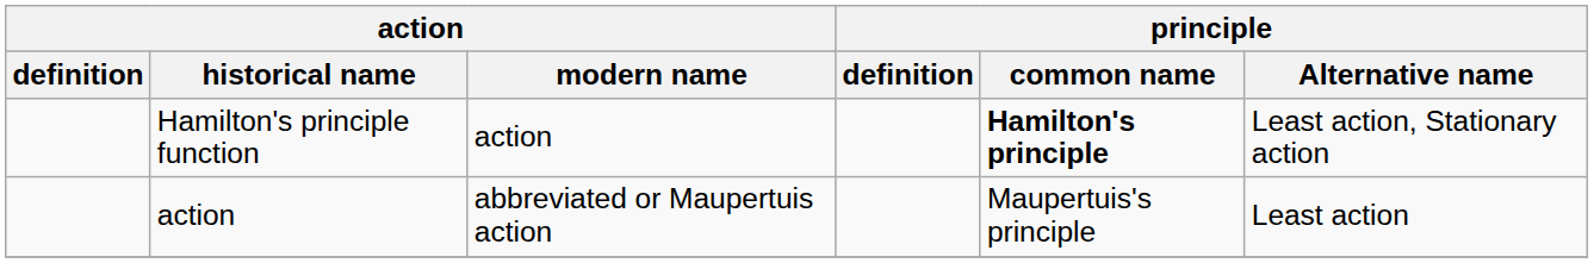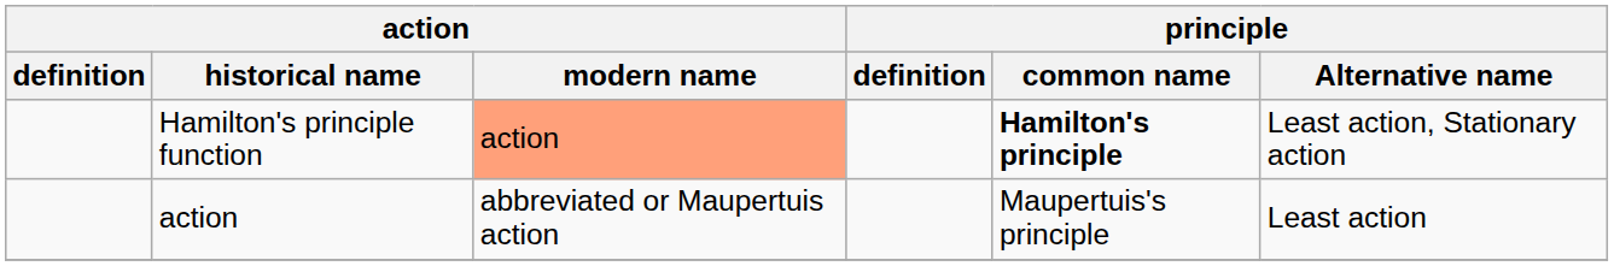 <table class="wikitable">
 <tr>
 <th colspan="3">action</th>
 <th colspan="3">principle</th>
 </tr>
 <tr>
 <th>definition</th>
 <th>historical name</th>
 <th>modern name</th>
 <th>definition</th>
 <th>common name</th>
 <th>Alternative name</th>
 </tr>
 <tr>
 <td></td>
 <td>Hamilton's principle function</td>
-<td>action</td>
+<td style="background: lightsalmon;">action</td>
 <td></td>
 <td><strong>Hamilton's principle</strong></td>
 <td>Least action, Stationary action </td>
 </tr>
 <tr>
 <td></td>
 <td>action</td>
 <td>abbreviated or Maupertuis action</td>
 <td></td>
 <td>Maupertuis's  principle</td>
 <td>Least action</td>
 </tr>
 <tr>
 </tr>
 </table>
